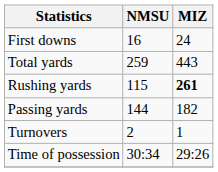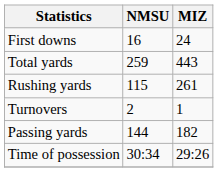 <table class="wikitable" style="float: left;">
 <tr>
 <th>Statistics</th>
 <th>NMSU</th>
 <th>MIZ</th>
 </tr>
 <tr>
 <td>First downs</td>
 <td>16</td>
 <td>24</td>
 </tr>
 <tr>
 <td>Total yards</td>
 <td>259</td>
 <td>443</td>
 </tr>
 <tr>
 <td>Rushing yards</td>
 <td>115</td>
-<td><strong>261</strong></td>
+<td>261</td>
+</tr>
+<tr>
+<td>Turnovers</td>
+<td>2</td>
+<td>1</td>
 </tr>
 <tr>
 <td>Passing yards</td>
 <td>144</td>
 <td>182</td>
-</tr>
-<tr>
-<td>Turnovers</td>
-<td>2</td>
-<td>1</td>
 </tr>
 <tr>
 <td>Time of possession</td>
 <td>30:34</td>
 <td>29:26</td>
 </tr>
 <tr>
 </tr>
 </table>
